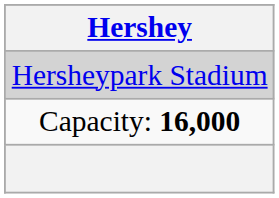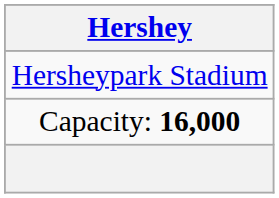 <table class="wikitable">
 <tr>
 <th><a href='#'>Hershey</a></th>
 </tr>
 <tr>
-<td style="background: lightgrey; text-align:center;"><a href='#'>Hersheypark Stadium</a></td>
+<td style="text-align:center;"><a href='#'>Hersheypark Stadium</a></td>
 </tr>
 <tr>
 <td style="text-align:center;">Capacity: <strong>16,000</strong></td>
 </tr>
 <tr>
 <th><br></th>
 </tr>
 </table>
